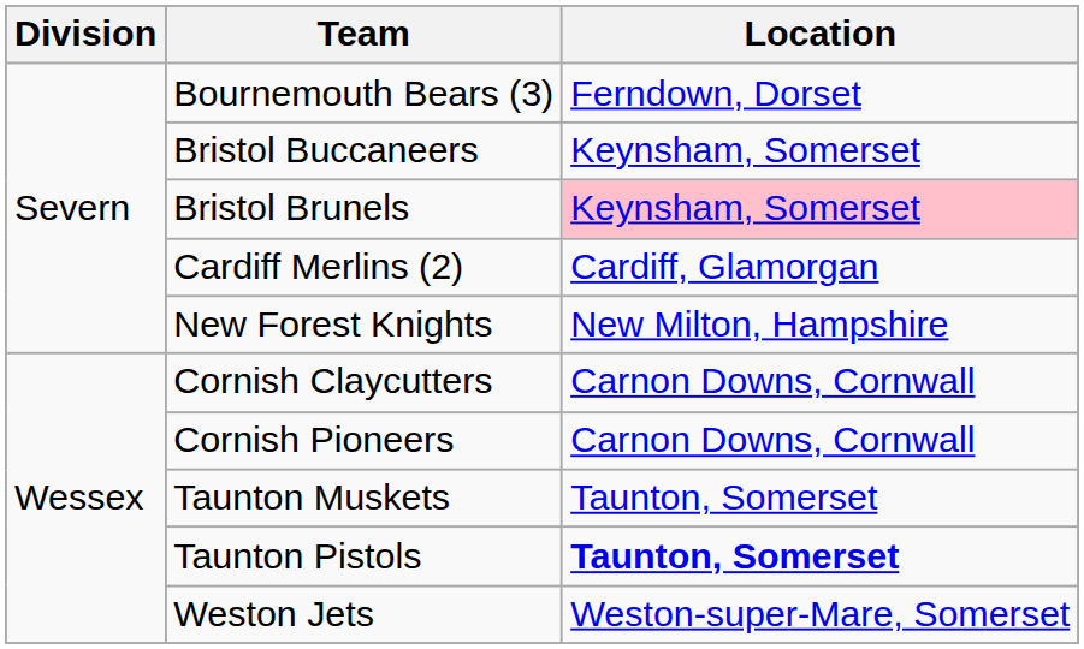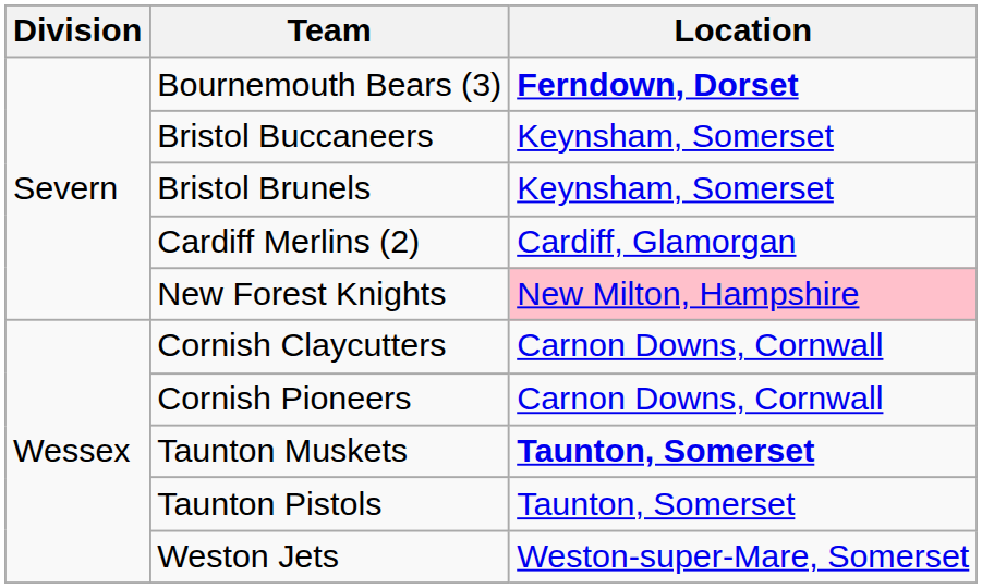 <table class="wikitable">
 <tr>
 <th>Division</th>
 <th>Team</th>
 <th>Location</th>
 </tr>
 <tr>
 <td rowspan="5">Severn</td>
 <td>Bournemouth Bears (3)</td>
-<td rowspan="1"><a href='#'>Ferndown, Dorset</a></td>
+<td rowspan="1"><strong><a href='#'>Ferndown, Dorset</a></strong></td>
 </tr>
 <tr>
 <td>Bristol Buccaneers</td>
 <td rowspan="1"><a href='#'>Keynsham, Somerset</a></td>
 </tr>
 <tr>
 <td>Bristol Brunels</td>
-<td rowspan="1" style="background: pink;"><a href='#'>Keynsham, Somerset</a></td>
+<td rowspan="1"><a href='#'>Keynsham, Somerset</a></td>
 </tr>
 <tr>
 <td>Cardiff Merlins (2)</td>
 <td><a href='#'>Cardiff, Glamorgan</a></td>
 </tr>
 <tr>
 <td>New Forest Knights</td>
-<td><a href='#'>New Milton, Hampshire</a></td>
+<td style="background: pink;"><a href='#'>New Milton, Hampshire</a></td>
 </tr>
 <tr>
 <td rowspan="5">Wessex</td>
 <td>Cornish Claycutters</td>
 <td><a href='#'>Carnon Downs, Cornwall</a></td>
 </tr>
 <tr>
 <td>Cornish Pioneers</td>
 <td><a href='#'>Carnon Downs, Cornwall</a></td>
 </tr>
 <tr>
 <td>Taunton Muskets</td>
-<td rowspan="1"><a href='#'>Taunton, Somerset</a></td>
+<td rowspan="1"><strong><a href='#'>Taunton, Somerset</a></strong></td>
 </tr>
 <tr>
 <td>Taunton Pistols</td>
-<td rowspan="1"><strong><a href='#'>Taunton, Somerset</a></strong></td>
+<td rowspan="1"><a href='#'>Taunton, Somerset</a></td>
 </tr>
 <tr>
 <td>Weston Jets</td>
 <td><a href='#'>Weston-super-Mare, Somerset</a></td>
 </tr>
 </table>
